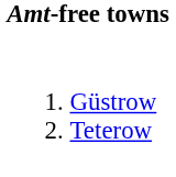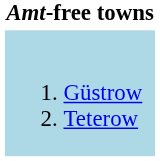 <table>
 <tr ---->
 <th><em>Amt</em>-free towns</th>
 </tr>
 <tr>
-<td valign=top><br><ol><li><a href='#'>Güstrow</a></li><li><a href='#'>Teterow</a></li></ol></td>
+<td valign=top style="background: lightblue;"><br><ol><li><a href='#'>Güstrow</a></li><li><a href='#'>Teterow</a></li></ol></td>
 </tr>
 </table>
